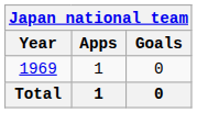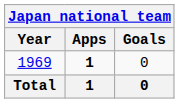 <table class="wikitable" style="text-align:center">
 <tr>
 <th colspan=3><a href='#'>Japan national team</a></th>
 </tr>
 <tr>
 <th>Year</th>
 <th>Apps</th>
 <th>Goals</th>
 </tr>
 <tr>
 <td><a href='#'>1969</a></td>
-<td>1</td>
+<td><strong>1</strong></td>
 <td>0</td>
 </tr>
 <tr>
 <th>Total</th>
 <th>1</th>
 <th>0</th>
 </tr>
 </table>
